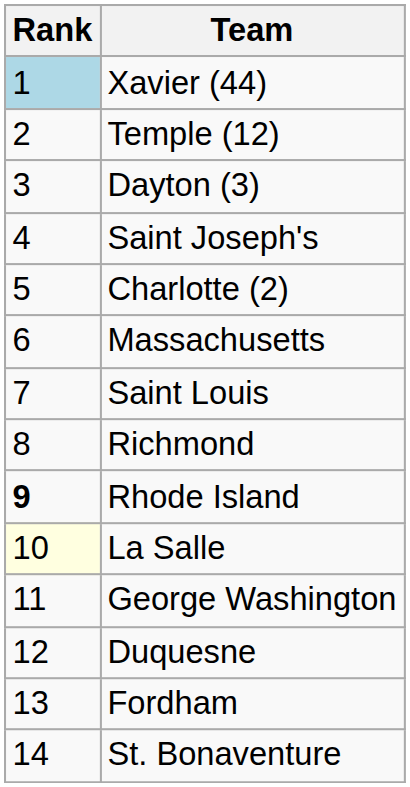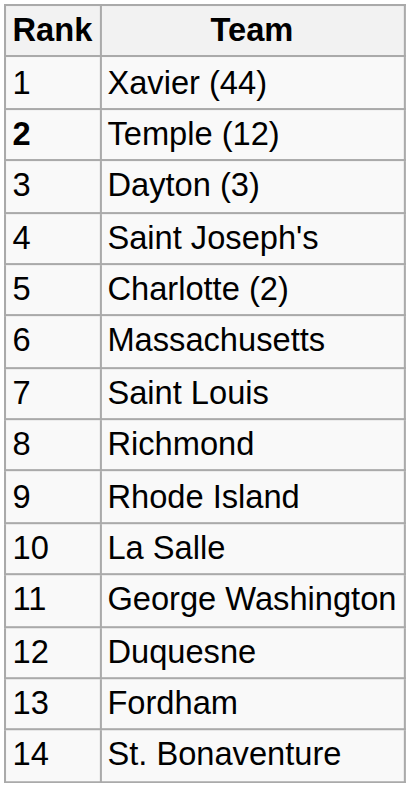 <table class=wikitable>
 <tr>
 <th>Rank</th>
 <th>Team</th>
 </tr>
 <tr>
-<td style="background: lightblue;">1</td>
+<td>1</td>
 <td>Xavier (44)</td>
 </tr>
 <tr>
-<td>2</td>
+<td><strong>2</strong></td>
 <td>Temple (12)</td>
 </tr>
 <tr>
 <td>3</td>
 <td>Dayton (3)</td>
 </tr>
 <tr>
 <td>4</td>
 <td>Saint Joseph's</td>
 </tr>
 <tr>
 <td>5</td>
 <td>Charlotte (2)</td>
 </tr>
 <tr>
 <td>6</td>
 <td>Massachusetts</td>
 </tr>
 <tr>
 <td>7</td>
 <td>Saint Louis</td>
 </tr>
 <tr>
 <td>8</td>
 <td>Richmond</td>
 </tr>
 <tr>
-<td><strong>9</strong></td>
+<td>9</td>
 <td>Rhode Island</td>
 </tr>
 <tr>
-<td style="background: lightyellow;">10</td>
+<td>10</td>
 <td>La Salle</td>
 </tr>
 <tr>
 <td>11</td>
 <td>George Washington</td>
 </tr>
 <tr>
 <td>12</td>
 <td>Duquesne</td>
 </tr>
 <tr>
 <td>13</td>
 <td>Fordham</td>
 </tr>
 <tr>
 <td>14</td>
 <td>St. Bonaventure</td>
 </tr>
 </table>
